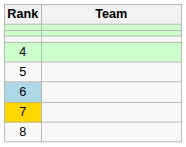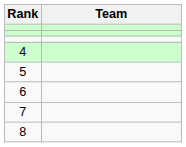 <table class="wikitable">
 <tr>
 <th>Rank</th>
 <th width=170>Team</th>
 </tr>
 <tr bgcolor=ccffcc>
 <td align=center></td>
 <td></td>
 </tr>
 <tr bgcolor=ccffcc>
 <td align=center></td>
 <td></td>
 </tr>
 <tr>
 <td align=center></td>
 <td></td>
 </tr>
 <tr bgcolor=ccffcc>
 <td align=center>4</td>
 <td></td>
 </tr>
 <tr>
 <td align=center>5</td>
 <td></td>
 </tr>
 <tr>
-<td align=center style="background: lightblue;">6</td>
+<td align=center>6</td>
 <td></td>
 </tr>
 <tr>
-<td align=center style="background: gold;">7</td>
+<td align=center>7</td>
 <td></td>
 </tr>
 <tr>
 <td align=center>8</td>
 <td></td>
 </tr>
 </table>
